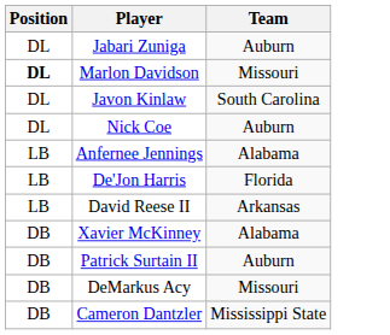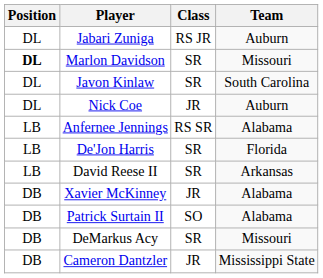 <table class="wikitable sortable">
 <tr>
 <th>Position</th>
 <th>Player</th>
+<th>Class</th>
 <th>Team</th>
 </tr>
 <tr style="text-align:center;">
 <td style="background:white">DL</td>
 <td style="background:white"><a href='#'>Jabari Zuniga</a></td>
+<td style="background:white">RS JR</td>
 <td>Auburn</td>
 </tr>
 <tr style="text-align:center;">
 <td style="background:white"><strong>DL</strong></td>
 <td style="background:white"><a href='#'>Marlon Davidson</a></td>
+<td style="background:white">SR</td>
 <td>Missouri</td>
 </tr>
 <tr style="text-align:center;">
 <td style="background:white">DL</td>
 <td style="background:white"><a href='#'>Javon Kinlaw</a></td>
+<td style="background:white">SR</td>
 <td>South Carolina</td>
 </tr>
 <tr style="text-align:center;">
 <td style="background:white">DL</td>
 <td style="background:white"><a href='#'>Nick Coe</a></td>
+<td style="background:white">JR</td>
 <td>Auburn</td>
 </tr>
 <tr style="text-align:center;">
 <td style="background:white">LB</td>
 <td style="background:white"><a href='#'>Anfernee Jennings</a></td>
+<td style="background:white">RS SR</td>
 <td>Alabama</td>
 </tr>
 <tr style="text-align:center;">
 <td style="background:white">LB</td>
 <td style="background:white"><a href='#'>De'Jon Harris</a></td>
+<td style="background:white">SR</td>
 <td>Florida</td>
 </tr>
 <tr style="text-align:center;">
 <td style="background:white">LB</td>
 <td style="background:white">David Reese II</td>
+<td style="background:white">SR</td>
 <td>Arkansas</td>
 </tr>
 <tr style="text-align:center;">
 <td style="background:white">DB</td>
 <td style="background:white"><a href='#'>Xavier McKinney</a></td>
+<td style="background:white">JR</td>
 <td>Alabama</td>
 </tr>
 <tr style="text-align:center;">
 <td style="background:white">DB</td>
 <td style="background:white"><a href='#'>Patrick Surtain II</a></td>
-<td>Auburn</td>
+<td style="background:white">SO</td>
+<td>Alabama</td>
 </tr>
 <tr style="text-align:center;">
 <td style="background:white">DB</td>
 <td style="background:white">DeMarkus Acy</td>
+<td style="background:white">SR</td>
 <td>Missouri</td>
 </tr>
 <tr style="text-align:center;">
 <td style="background:white">DB</td>
 <td style="background:white"><a href='#'>Cameron Dantzler</a></td>
+<td style="background:white">JR</td>
 <td>Mississippi State</td>
 </tr>
 </table>
